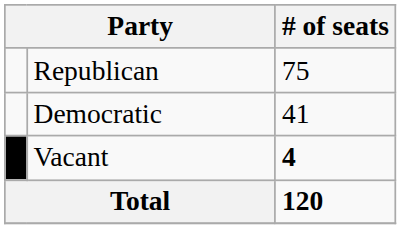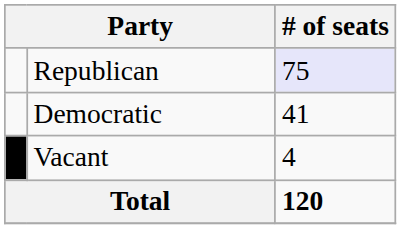 <table class="wikitable sortable">
 <tr>
 <th colspan="2" style="width:150px;">Party</th>
 <th># of seats</th>
 </tr>
 <tr>
 <td></td>
 <td>Republican</td>
-<td>75</td>
+<td style="background: lavender;">75</td>
 </tr>
 <tr>
 <td></td>
 <td>Democratic</td>
 <td>41</td>
 </tr>
 <tr>
 <td bgcolor=black></td>
 <td>Vacant</td>
-<td><strong>4</strong></td>
+<td>4</td>
 </tr>
 <tr>
 <th colspan=2>Total</th>
 <td><strong>120</strong></td>
 </tr>
 <tr>
 </tr>
 </table>
